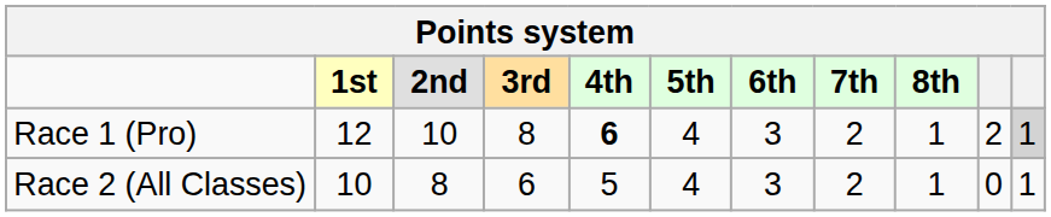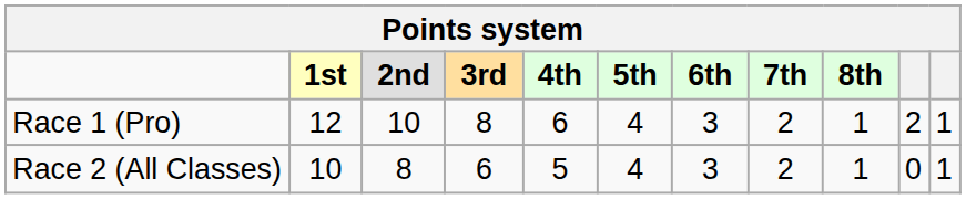 <table class="wikitable" style="font-size:85%; text-align:center">
 <tr>
 <th colspan="20">Points system</th>
 </tr>
 <tr>
 <td></td>
 <td style="background:#ffffbf;"> <strong>1st</strong> </td>
 <td style="background:#dfdfdf;"> <strong>2nd</strong> </td>
 <td style="background:#ffdf9f;"> <strong>3rd</strong> </td>
 <td style="background:#dfffdf;"> <strong>4th</strong> </td>
 <td style="background:#dfffdf;"> <strong>5th</strong> </td>
 <td style="background:#dfffdf;"> <strong>6th</strong> </td>
 <td style="background:#dfffdf;"> <strong>7th</strong> </td>
 <td style="background:#dfffdf;"> <strong>8th</strong> </td>
 <th></th>
 <th></th>
 </tr>
 <tr>
 <td align=left>Race 1 (Pro)</td>
 <td>12</td>
 <td>10</td>
 <td>8</td>
-<td><strong>6</strong></td>
+<td>6</td>
 <td>4</td>
 <td>3</td>
 <td>2</td>
 <td>1</td>
 <td>2</td>
-<td style="background: lightgrey;">1</td>
+<td>1</td>
 </tr>
 <tr>
 <td align=left>Race 2 (All Classes)</td>
 <td>10</td>
 <td>8</td>
 <td>6</td>
 <td>5</td>
 <td>4</td>
 <td>3</td>
 <td>2</td>
 <td>1</td>
 <td>0</td>
 <td>1</td>
 </tr>
 </table>
